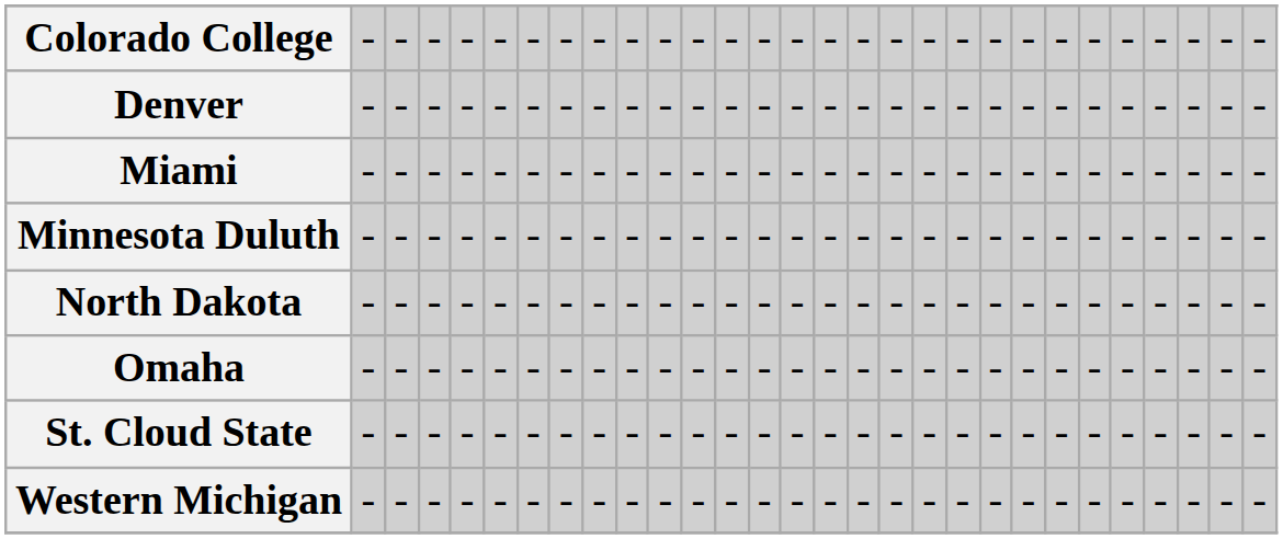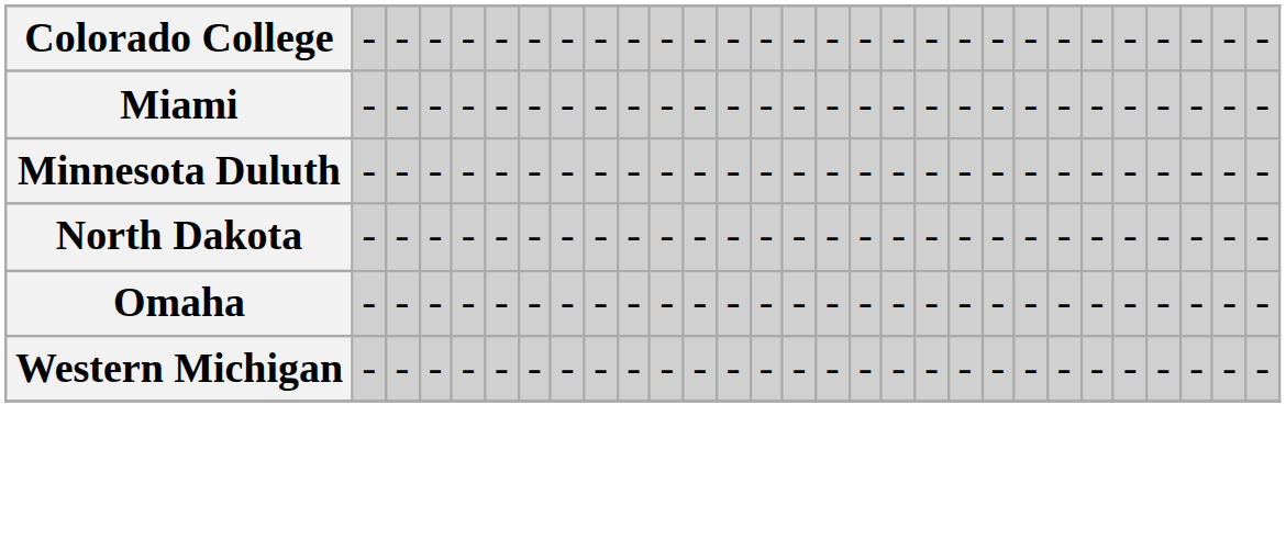 <table class="wikitable sortable" style="text-align: center;">
 <tr>
 </tr>
 <tr bgcolor=d0d0d0>
 </tr>
 <tr bgcolor=d0d0d0>
 <th>Colorado College</th>
-<td>-</td>
-<td>-</td>
-<td>-</td>
-<td>-</td>
-<td>-</td>
-<td>-</td>
-<td>-</td>
-<td>-</td>
-<td>-</td>
-<td>-</td>
-<td>-</td>
-<td>-</td>
-<td>-</td>
-<td>-</td>
-<td>-</td>
-<td>-</td>
-<td>-</td>
-<td>-</td>
-<td>-</td>
-<td>-</td>
-<td>-</td>
-<td>-</td>
-<td>-</td>
-<td>-</td>
-<td>-</td>
-<td>-</td>
-<td>-</td>
-<td>-</td>
-</tr>
-<tr bgcolor=d0d0d0>
-<th>Denver</th>
 <td>-</td>
 <td>-</td>
 <td>-</td>
 <td>-</td>
 <td>-</td>
 <td>-</td>
 <td>-</td>
 <td>-</td>
 <td>-</td>
 <td>-</td>
 <td>-</td>
 <td>-</td>
 <td>-</td>
 <td>-</td>
 <td>-</td>
 <td>-</td>
 <td>-</td>
 <td>-</td>
 <td>-</td>
 <td>-</td>
 <td>-</td>
 <td>-</td>
 <td>-</td>
 <td>-</td>
 <td>-</td>
 <td>-</td>
 <td>-</td>
 <td>-</td>
 </tr>
 <tr bgcolor=d0d0d0>
 <th>Miami</th>
 <td>-</td>
 <td>-</td>
 <td>-</td>
 <td>-</td>
 <td>-</td>
 <td>-</td>
 <td>-</td>
 <td>-</td>
 <td>-</td>
 <td>-</td>
 <td>-</td>
 <td>-</td>
 <td>-</td>
 <td>-</td>
 <td>-</td>
 <td>-</td>
 <td>-</td>
 <td>-</td>
 <td>-</td>
 <td>-</td>
 <td>-</td>
 <td>-</td>
 <td>-</td>
 <td>-</td>
 <td>-</td>
 <td>-</td>
 <td>-</td>
 <td>-</td>
 </tr>
 <tr bgcolor=d0d0d0>
 <th>Minnesota Duluth</th>
 <td>-</td>
 <td>-</td>
 <td>-</td>
 <td>-</td>
 <td>-</td>
 <td>-</td>
 <td>-</td>
 <td>-</td>
 <td>-</td>
 <td>-</td>
 <td>-</td>
 <td>-</td>
 <td>-</td>
 <td>-</td>
 <td>-</td>
 <td>-</td>
 <td>-</td>
 <td>-</td>
 <td>-</td>
 <td>-</td>
 <td>-</td>
 <td>-</td>
 <td>-</td>
 <td>-</td>
 <td>-</td>
 <td>-</td>
 <td>-</td>
 <td>-</td>
 </tr>
 <tr bgcolor=d0d0d0>
 <th>North Dakota</th>
 <td>-</td>
 <td>-</td>
 <td>-</td>
 <td>-</td>
 <td>-</td>
 <td>-</td>
 <td>-</td>
 <td>-</td>
 <td>-</td>
 <td>-</td>
 <td>-</td>
 <td>-</td>
 <td>-</td>
 <td>-</td>
 <td>-</td>
 <td>-</td>
 <td>-</td>
 <td>-</td>
 <td>-</td>
 <td>-</td>
 <td>-</td>
 <td>-</td>
 <td>-</td>
 <td>-</td>
 <td>-</td>
 <td>-</td>
 <td>-</td>
 <td>-</td>
 </tr>
 <tr bgcolor=d0d0d0>
 <th>Omaha</th>
 <td>-</td>
 <td>-</td>
 <td>-</td>
 <td>-</td>
 <td>-</td>
 <td>-</td>
 <td>-</td>
 <td>-</td>
 <td>-</td>
 <td>-</td>
 <td>-</td>
 <td>-</td>
 <td>-</td>
 <td>-</td>
 <td>-</td>
 <td>-</td>
 <td>-</td>
 <td>-</td>
 <td>-</td>
 <td>-</td>
 <td>-</td>
 <td>-</td>
 <td>-</td>
 <td>-</td>
 <td>-</td>
 <td>-</td>
 <td>-</td>
 <td>-</td>
 </tr>
 <tr bgcolor=d0d0d0>
-<th>St. Cloud State</th>
-<td>-</td>
-<td>-</td>
-<td>-</td>
-<td>-</td>
-<td>-</td>
-<td>-</td>
-<td>-</td>
-<td>-</td>
-<td>-</td>
-<td>-</td>
-<td>-</td>
-<td>-</td>
-<td>-</td>
-<td>-</td>
-<td>-</td>
-<td>-</td>
-<td>-</td>
-<td>-</td>
-<td>-</td>
-<td>-</td>
-<td>-</td>
-<td>-</td>
-<td>-</td>
-<td>-</td>
-<td>-</td>
-<td>-</td>
-<td>-</td>
-<td>-</td>
-</tr>
-<tr bgcolor=d0d0d0>
 <th>Western Michigan</th>
 <td>-</td>
 <td>-</td>
 <td>-</td>
 <td>-</td>
 <td>-</td>
 <td>-</td>
 <td>-</td>
 <td>-</td>
 <td>-</td>
 <td>-</td>
 <td>-</td>
 <td>-</td>
 <td>-</td>
 <td>-</td>
 <td>-</td>
 <td>-</td>
 <td>-</td>
 <td>-</td>
 <td>-</td>
 <td>-</td>
 <td>-</td>
 <td>-</td>
 <td>-</td>
 <td>-</td>
 <td>-</td>
 <td>-</td>
 <td>-</td>
 <td>-</td>
 </tr>
 <tr>
 </tr>
 </table>
